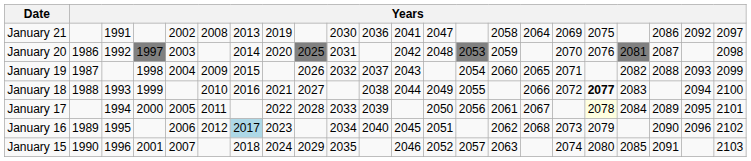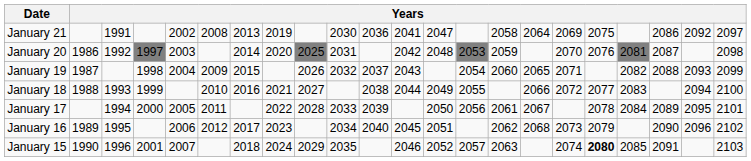 <table class="wikitable">
 <tr>
 <th>Date</th>
 <th colspan=21>Years</th>
 </tr>
 <tr>
 <td>January 21</td>
 <td></td>
 <td>1991</td>
 <td></td>
 <td>2002</td>
 <td>2008</td>
 <td>2013</td>
 <td>2019</td>
 <td></td>
 <td>2030</td>
 <td>2036</td>
 <td>2041</td>
 <td>2047</td>
 <td></td>
 <td>2058</td>
 <td>2064</td>
 <td>2069</td>
 <td>2075</td>
 <td></td>
 <td>2086</td>
 <td>2092</td>
 <td>2097</td>
 </tr>
 <tr>
 <td>January 20</td>
 <td>1986</td>
 <td>1992</td>
 <td style="background-color:gray">1997</td>
 <td>2003</td>
 <td></td>
 <td>2014</td>
 <td>2020</td>
 <td style="background-color:gray">2025</td>
 <td>2031</td>
 <td></td>
 <td>2042</td>
 <td>2048</td>
 <td style="background-color:gray">2053</td>
 <td>2059</td>
 <td></td>
 <td>2070</td>
 <td>2076</td>
 <td style="background-color:gray">2081</td>
 <td>2087</td>
 <td></td>
 <td>2098</td>
 </tr>
 <tr>
 <td>January 19</td>
 <td>1987</td>
 <td></td>
 <td>1998</td>
 <td>2004</td>
 <td>2009</td>
 <td>2015</td>
 <td></td>
 <td>2026</td>
 <td>2032</td>
 <td>2037</td>
 <td>2043</td>
 <td></td>
 <td>2054</td>
 <td>2060</td>
 <td>2065</td>
 <td>2071</td>
 <td></td>
 <td>2082</td>
 <td>2088</td>
 <td>2093</td>
 <td>2099</td>
 </tr>
 <tr>
 <td>January 18</td>
 <td>1988</td>
 <td>1993</td>
 <td>1999</td>
 <td></td>
 <td>2010</td>
 <td>2016</td>
 <td>2021</td>
 <td>2027</td>
 <td></td>
 <td>2038</td>
 <td>2044</td>
 <td>2049</td>
 <td>2055</td>
 <td></td>
 <td>2066</td>
 <td>2072</td>
-<td><strong>2077</strong></td>
+<td>2077</td>
 <td>2083</td>
 <td></td>
 <td>2094</td>
 <td>2100</td>
 </tr>
 <tr>
 <td>January 17</td>
 <td></td>
 <td>1994</td>
 <td>2000</td>
 <td>2005</td>
 <td>2011</td>
 <td></td>
 <td>2022</td>
 <td>2028</td>
 <td>2033</td>
 <td>2039</td>
 <td></td>
 <td>2050</td>
 <td>2056</td>
 <td>2061</td>
 <td>2067</td>
 <td></td>
-<td style="background: lightyellow;">2078</td>
+<td>2078</td>
 <td>2084</td>
 <td>2089</td>
 <td>2095</td>
 <td>2101</td>
 </tr>
 <tr>
 <td>January 16</td>
 <td>1989</td>
 <td>1995</td>
 <td></td>
 <td>2006</td>
 <td>2012</td>
-<td style="background: lightblue;">2017</td>
+<td>2017</td>
 <td>2023</td>
 <td></td>
 <td>2034</td>
 <td>2040</td>
 <td>2045</td>
 <td>2051</td>
 <td></td>
 <td>2062</td>
 <td>2068</td>
 <td>2073</td>
 <td>2079</td>
 <td></td>
 <td>2090</td>
 <td>2096</td>
 <td>2102</td>
 </tr>
 <tr>
 <td>January 15</td>
 <td>1990</td>
 <td>1996</td>
 <td>2001</td>
 <td>2007</td>
 <td></td>
 <td>2018</td>
 <td>2024</td>
 <td>2029</td>
 <td>2035</td>
 <td></td>
 <td>2046</td>
 <td>2052</td>
 <td>2057</td>
 <td>2063</td>
 <td></td>
 <td>2074</td>
-<td>2080</td>
+<td><strong>2080</strong></td>
 <td>2085</td>
 <td>2091</td>
 <td></td>
 <td>2103</td>
 </tr>
 </table>
